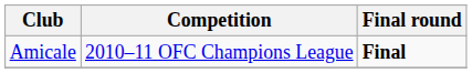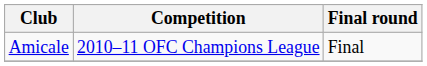 <table class="wikitable">
 <tr>
 <th>Club</th>
 <th>Competition</th>
 <th>Final round</th>
 </tr>
 <tr>
 <td rowspan=1><a href='#'>Amicale</a></td>
 <td><a href='#'>2010–11 OFC Champions League</a></td>
-<td><strong>Final</strong></td>
+<td>Final</td>
 </tr>
 <tr>
 </tr>
 </table>
